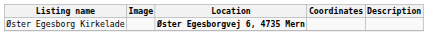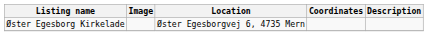 <table class="wikitable sortable">
 <tr>
 <th>Listing name</th>
 <th>Image</th>
 <th>Location</th>
 <th>Coordinates</th>
 <th>Description</th>
 </tr>
 <tr>
 <td>Øster Egesborg Kirkelade</td>
 <td></td>
-<td><strong>Øster Egesborgvej 6, 4735 Mern</strong></td>
+<td>Øster Egesborgvej 6, 4735 Mern</td>
 <td></td>
 <td></td>
 </tr>
 <tr>
 </tr>
 </table>
